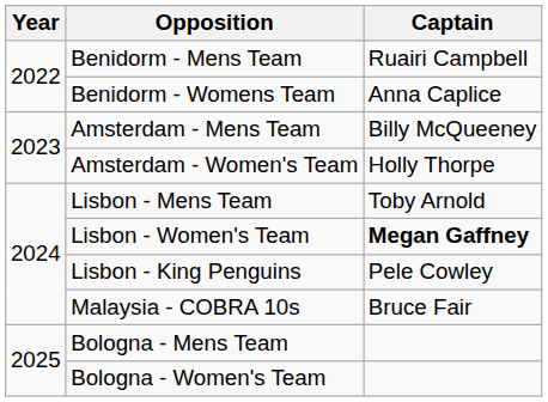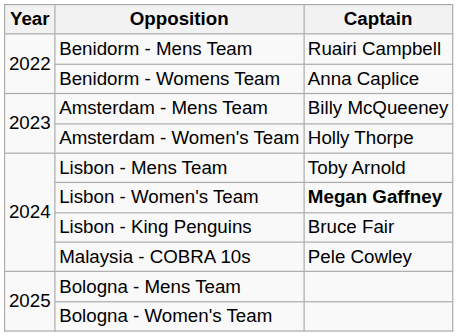 <table class="wikitable">
 <tr>
 <th>Year</th>
 <th>Opposition</th>
 <th>Captain</th>
 </tr>
 <tr>
 <td rowspan=2>2022</td>
 <td>Benidorm - Mens Team</td>
 <td>Ruairi Campbell </td>
 </tr>
 <tr>
 <td>Benidorm - Womens Team</td>
 <td>Anna Caplice </td>
 </tr>
 <tr>
 <td rowspan=2>2023</td>
 <td>Amsterdam - Mens Team</td>
 <td>Billy McQueeney </td>
 </tr>
 <tr>
 <td>Amsterdam - Women's Team</td>
 <td>Holly Thorpe </td>
 </tr>
 <tr>
 <td rowspan=4>2024</td>
 <td>Lisbon - Mens Team</td>
 <td>Toby Arnold </td>
 </tr>
 <tr>
 <td>Lisbon - Women's Team</td>
 <td><strong>Megan Gaffney </strong></td>
 </tr>
 <tr>
 <td>Lisbon - King Penguins</td>
-<td>Pele Cowley </td>
+<td>Bruce Fair </td>
 </tr>
 <tr>
 <td>Malaysia - COBRA 10s</td>
-<td>Bruce Fair </td>
+<td>Pele Cowley </td>
 </tr>
 <tr>
 <td rowspan=2>2025</td>
 <td>Bologna - Mens Team</td>
 <td></td>
 </tr>
 <tr>
 <td>Bologna - Women's Team</td>
 <td></td>
 </tr>
 </table>
